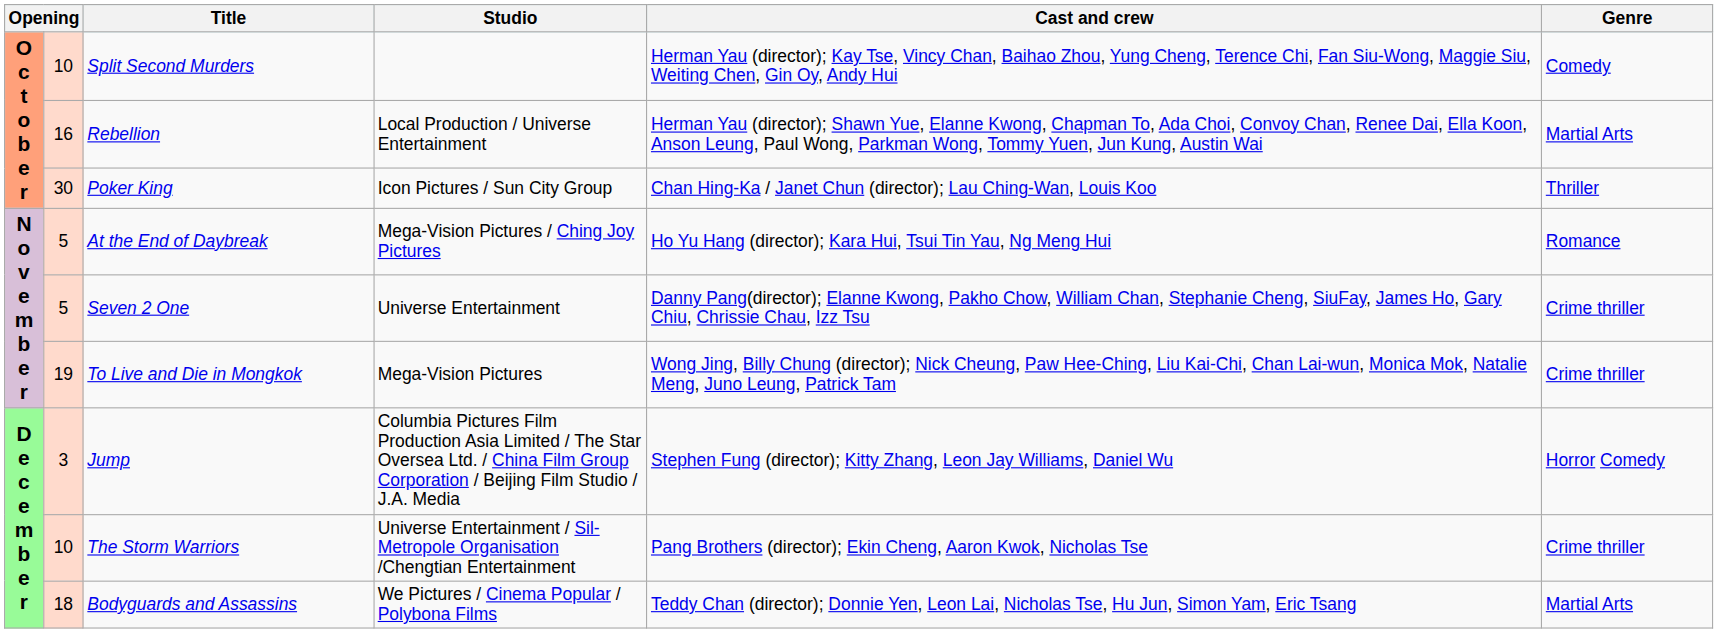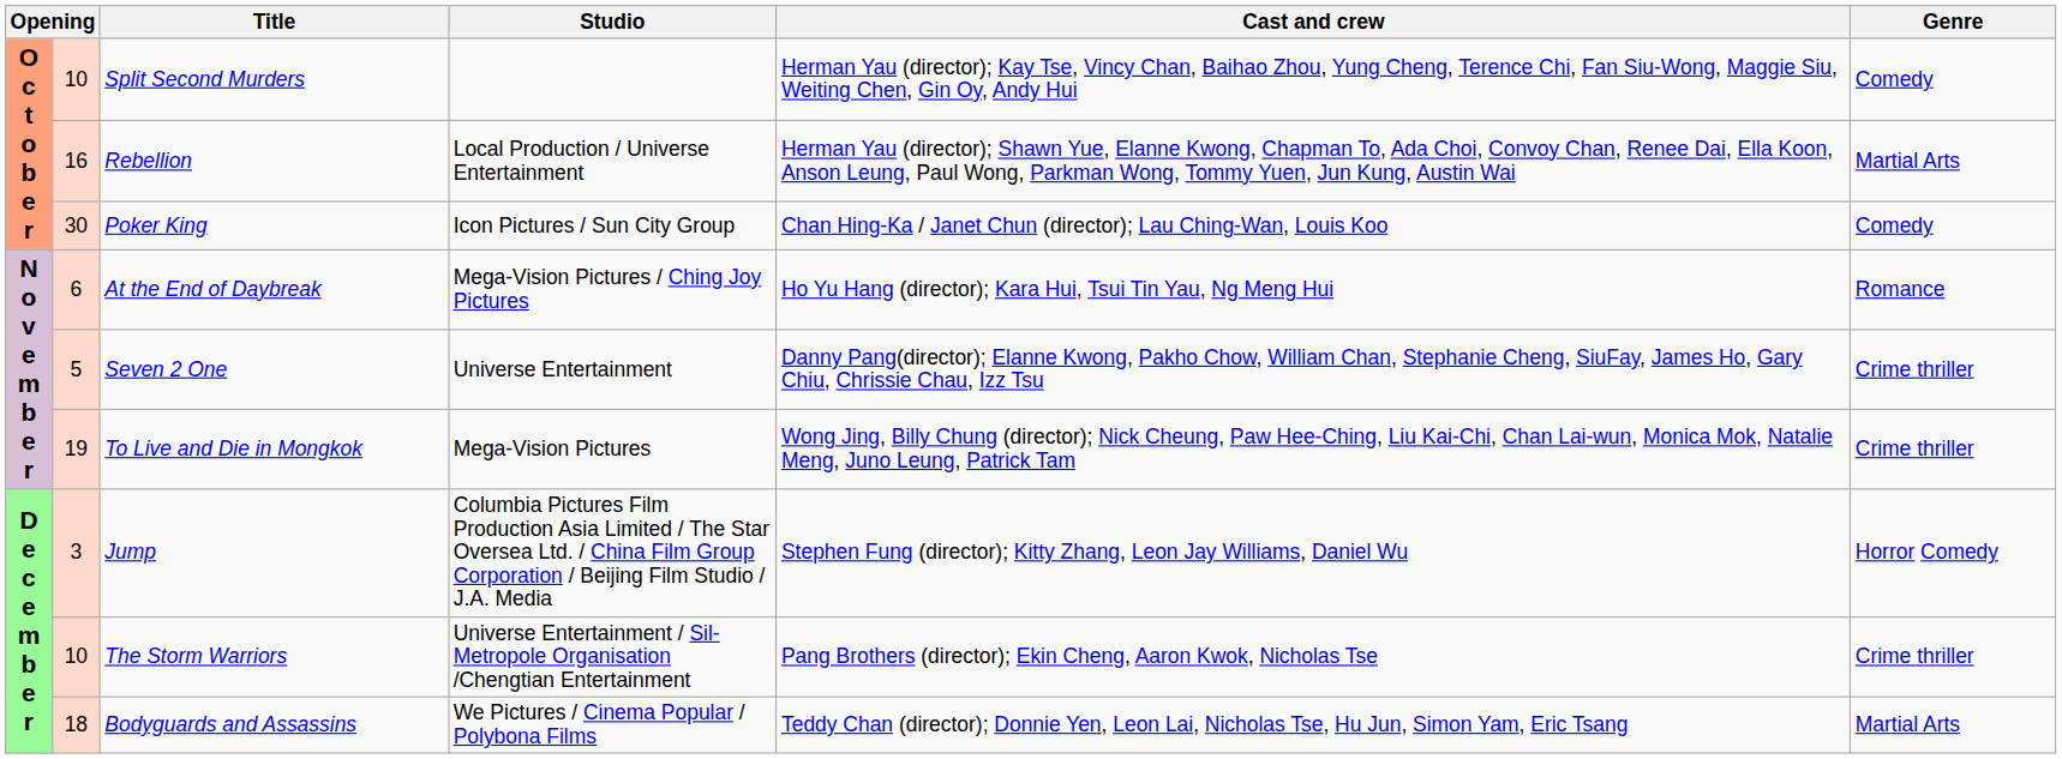 <table class="wikitable sortable">
 <tr style="background:#b0e0e6; text-align:center;">
 <th colspan="2">Opening</th>
 <th style="width:17%;">Title</th>
 <th style="width:16%;">Studio</th>
 <th>Cast and crew</th>
 <th style="width:10%;">Genre</th>
 </tr>
 <tr>
 <th rowspan="3" style="text-align:center; background:#ffa07a; textcolor:#000;"><big>O<br>c<br>t<br>o<br>b<br>e<br>r</big></th>
 <td style="text-align:center; background:#ffdacc; textcolor:#000;">10</td>
 <td><em><a href='#'>Split Second Murders</a></em></td>
 <td></td>
 <td><a href='#'>Herman Yau</a> (director); <a href='#'>Kay Tse</a>, <a href='#'>Vincy Chan</a>, <a href='#'>Baihao Zhou</a>, <a href='#'>Yung Cheng</a>, <a href='#'>Terence Chi</a>, <a href='#'>Fan Siu-Wong</a>, <a href='#'>Maggie Siu</a>, <a href='#'>Weiting Chen</a>, <a href='#'>Gin Oy</a>, <a href='#'>Andy Hui</a></td>
 <td><a href='#'>Comedy</a></td>
 </tr>
 <tr>
 <td style="text-align:center; background:#ffdacc; textcolor:#000;">16</td>
 <td><em><a href='#'>Rebellion</a></em></td>
 <td>Local Production / Universe Entertainment</td>
 <td><a href='#'>Herman Yau</a> (director); <a href='#'>Shawn Yue</a>, <a href='#'>Elanne Kwong</a>, <a href='#'>Chapman To</a>, <a href='#'>Ada Choi</a>, <a href='#'>Convoy Chan</a>, <a href='#'>Renee Dai</a>, <a href='#'>Ella Koon</a>, <a href='#'>Anson Leung</a>, Paul Wong, <a href='#'>Parkman Wong</a>, <a href='#'>Tommy Yuen</a>, <a href='#'>Jun Kung</a>, <a href='#'>Austin Wai</a></td>
 <td><a href='#'>Martial Arts</a></td>
 </tr>
 <tr>
 <td style="text-align:center; background:#ffdacc; textcolor:#000;">30</td>
 <td><em><a href='#'>Poker King</a></em></td>
 <td>Icon Pictures / Sun City Group</td>
 <td><a href='#'>Chan Hing-Ka</a> / <a href='#'>Janet Chun</a> (director); <a href='#'>Lau Ching-Wan</a>, <a href='#'>Louis Koo</a></td>
-<td><a href='#'>Thriller</a></td>
+<td><a href='#'>Comedy</a></td>
 </tr>
 <tr>
 <th rowspan="3" style="text-align:center; background:thistle; textcolor:#000;"><big>N<br>o<br>v<br>e<br>m<br>b<br>e<br>r</big></th>
-<td style="text-align:center; background:#ffdacc; textcolor:#000;">5</td>
+<td style="text-align:center; background:#ffdacc; textcolor:#000;">6</td>
 <td><em><a href='#'>At the End of Daybreak</a></em></td>
 <td>Mega-Vision Pictures / <a href='#'>Ching Joy Pictures</a></td>
 <td><a href='#'>Ho Yu Hang</a> (director); <a href='#'>Kara Hui</a>, <a href='#'>Tsui Tin Yau</a>, <a href='#'>Ng Meng Hui</a></td>
 <td><a href='#'>Romance</a></td>
 </tr>
 <tr>
 <td style="text-align:center; background:#ffdacc; textcolor:#000;">5</td>
 <td><em><a href='#'>Seven 2 One</a></em></td>
 <td>Universe Entertainment</td>
 <td><a href='#'>Danny Pang</a>(director); <a href='#'>Elanne Kwong</a>, <a href='#'>Pakho Chow</a>, <a href='#'>William Chan</a>, <a href='#'>Stephanie Cheng</a>, <a href='#'>SiuFay</a>, <a href='#'>James Ho</a>, <a href='#'>Gary Chiu</a>, <a href='#'>Chrissie Chau</a>, <a href='#'>Izz Tsu</a></td>
 <td><a href='#'>Crime thriller</a></td>
 </tr>
 <tr>
 <td style="text-align:center; background:#ffdacc; textcolor:#000;">19</td>
 <td><em><a href='#'>To Live and Die in Mongkok</a></em></td>
 <td>Mega-Vision Pictures</td>
 <td><a href='#'>Wong Jing</a>, <a href='#'>Billy Chung</a> (director); <a href='#'>Nick Cheung</a>, <a href='#'>Paw Hee-Ching</a>, <a href='#'>Liu Kai-Chi</a>, <a href='#'>Chan Lai-wun</a>, <a href='#'>Monica Mok</a>, <a href='#'>Natalie Meng</a>, <a href='#'>Juno Leung</a>, <a href='#'>Patrick Tam</a></td>
 <td><a href='#'>Crime thriller</a></td>
 </tr>
 <tr>
 <th rowspan="3" style="text-align:center; background:#98fb98; textcolor:#000;"><big>D<br>e<br>c<br>e<br>m<br>b<br>e<br>r</big></th>
 <td style="text-align:center; background:#ffdacc; textcolor:#000;">3</td>
 <td><em><a href='#'>Jump</a></em></td>
 <td>Columbia Pictures Film Production Asia Limited / The Star Oversea Ltd. / <a href='#'>China Film Group Corporation</a> / Beijing Film Studio / J.A. Media</td>
 <td><a href='#'>Stephen Fung</a> (director); <a href='#'>Kitty Zhang</a>, <a href='#'>Leon Jay Williams</a>, <a href='#'>Daniel Wu</a></td>
 <td><a href='#'>Horror</a> <a href='#'>Comedy</a></td>
 </tr>
 <tr>
 <td style="text-align:center; background:#ffdacc; textcolor:#000;">10</td>
 <td><em><a href='#'>The Storm Warriors</a></em></td>
 <td>Universe Entertainment / <a href='#'>Sil-Metropole Organisation</a> /Chengtian Entertainment</td>
 <td><a href='#'>Pang Brothers</a> (director); <a href='#'>Ekin Cheng</a>, <a href='#'>Aaron Kwok</a>, <a href='#'>Nicholas Tse</a></td>
 <td><a href='#'>Crime thriller</a></td>
 </tr>
 <tr>
 <td style="text-align:center; background:#ffdacc; textcolor:#000;">18</td>
 <td><em><a href='#'>Bodyguards and Assassins</a></em></td>
 <td>We Pictures / <a href='#'>Cinema Popular</a> / <a href='#'>Polybona Films</a></td>
 <td><a href='#'>Teddy Chan</a> (director); <a href='#'>Donnie Yen</a>, <a href='#'>Leon Lai</a>, <a href='#'>Nicholas Tse</a>, <a href='#'>Hu Jun</a>, <a href='#'>Simon Yam</a>, <a href='#'>Eric Tsang</a></td>
 <td><a href='#'>Martial Arts</a></td>
 </tr>
 </table>
